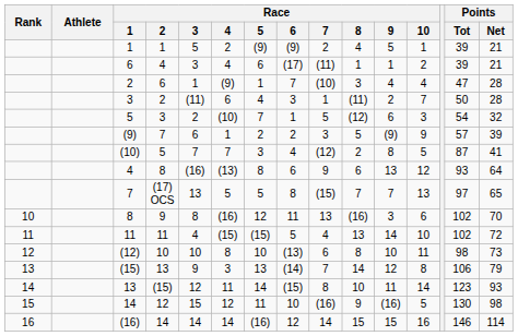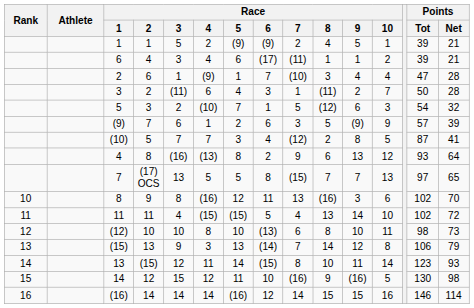 <table class="wikitable" style="text-align:center">
 <tr>
 <th rowspan="2">Rank</th>
 <th rowspan="2">Athlete</th>
 <th colspan="10">Race</th>
 <th width=1% rowspan=45></th>
 <th colspan="2">Points</th>
 </tr>
 <tr>
 <th width=40>1</th>
 <th width=40>2</th>
 <th width=40>3</th>
 <th width=40>4</th>
 <th width=40>5</th>
 <th width=40>6</th>
 <th width=40>7</th>
 <th width=40>8</th>
 <th width=40>9</th>
 <th width=40>10</th>
 <th>Tot</th>
 <th>Net</th>
 </tr>
 <tr>
 <td></td>
 <td align=left></td>
 <td>1</td>
 <td>1</td>
 <td>5</td>
 <td>2</td>
 <td>(9)</td>
 <td>(9)</td>
 <td>2</td>
 <td>4</td>
 <td>5</td>
 <td>1</td>
 <td>39</td>
 <td>21</td>
 </tr>
 <tr>
 <td></td>
 <td align=left></td>
 <td>6</td>
 <td>4</td>
 <td>3</td>
 <td>4</td>
 <td>6</td>
 <td>(17)<br><small></small></td>
 <td>(11)</td>
 <td>1</td>
 <td>1</td>
 <td>2</td>
 <td>39</td>
 <td>21</td>
 </tr>
 <tr>
 <td></td>
 <td align=left></td>
 <td>2</td>
 <td>6</td>
 <td>1</td>
 <td>(9)</td>
 <td>1</td>
 <td>7</td>
 <td>(10)</td>
 <td>3</td>
 <td>4</td>
 <td>4</td>
 <td>47</td>
 <td>28</td>
 </tr>
 <tr>
 <td></td>
 <td align=left></td>
 <td>3</td>
 <td>2</td>
 <td>(11)</td>
 <td>6</td>
 <td>4</td>
 <td>3</td>
 <td>1</td>
 <td>(11)</td>
 <td>2</td>
 <td>7</td>
 <td>50</td>
 <td>28</td>
 </tr>
 <tr>
 <td></td>
 <td align=left></td>
 <td>5</td>
 <td>3</td>
 <td>2</td>
 <td>(10)</td>
 <td>7</td>
 <td>1</td>
 <td>5</td>
 <td>(12)</td>
 <td>6</td>
 <td>3</td>
 <td>54</td>
 <td>32</td>
 </tr>
 <tr>
 <td></td>
 <td align=left></td>
 <td>(9)</td>
 <td>7</td>
 <td>6</td>
 <td>1</td>
 <td>2</td>
-<td>2</td>
+<td>6</td>
 <td>3</td>
 <td>5</td>
 <td>(9)</td>
 <td>9</td>
 <td>57</td>
 <td>39</td>
 </tr>
 <tr>
 <td></td>
 <td align=left></td>
 <td>(10)</td>
 <td>5</td>
 <td>7</td>
 <td>7</td>
 <td>3</td>
 <td>4</td>
 <td>(12)</td>
 <td>2</td>
 <td>8</td>
 <td>5</td>
 <td>87</td>
 <td>41</td>
 </tr>
 <tr>
 <td></td>
 <td align=left></td>
 <td>4</td>
 <td>8</td>
 <td>(16)</td>
 <td>(13)</td>
 <td>8</td>
-<td>6</td>
+<td>2</td>
 <td>9</td>
 <td>6</td>
 <td>13</td>
 <td>12</td>
 <td>93</td>
 <td>64</td>
 </tr>
 <tr>
 <td></td>
 <td align=left></td>
 <td>7</td>
 <td>(17)<br>OCS</td>
 <td>13</td>
 <td>5</td>
 <td>5</td>
 <td>8</td>
 <td>(15)</td>
 <td>7</td>
 <td>7</td>
 <td>13</td>
 <td>97</td>
 <td>65</td>
 </tr>
 <tr>
 <td>10</td>
 <td align=left></td>
 <td>8</td>
 <td>9</td>
 <td>8</td>
 <td>(16)</td>
 <td>12</td>
 <td>11</td>
 <td>13</td>
 <td>(16)</td>
 <td>3</td>
 <td>6</td>
 <td>102</td>
 <td>70</td>
 </tr>
 <tr>
 <td>11</td>
 <td align=left></td>
 <td>11</td>
 <td>11</td>
 <td>4</td>
 <td>(15)</td>
 <td>(15)</td>
 <td>5</td>
 <td>4</td>
 <td>13</td>
 <td>14</td>
 <td>10</td>
 <td>102</td>
 <td>72</td>
 </tr>
 <tr>
 <td>12</td>
 <td align=left></td>
 <td>(12)</td>
 <td>10</td>
 <td>10</td>
 <td>8</td>
 <td>10</td>
 <td>(13)</td>
 <td>6</td>
 <td>8</td>
 <td>10</td>
 <td>11</td>
 <td>98</td>
 <td>73</td>
 </tr>
 <tr>
 <td>13</td>
 <td align=left></td>
 <td>(15)</td>
 <td>13</td>
 <td>9</td>
 <td>3</td>
 <td>13</td>
 <td>(14)</td>
 <td>7</td>
 <td>14</td>
 <td>12</td>
 <td>8</td>
 <td>106</td>
 <td>79</td>
 </tr>
 <tr>
 <td>14</td>
 <td align=left></td>
 <td>13</td>
 <td>(15)</td>
 <td>12</td>
 <td>11</td>
 <td>14</td>
 <td>(15)</td>
 <td>8</td>
 <td>10</td>
 <td>11</td>
 <td>14</td>
 <td>123</td>
 <td>93</td>
 </tr>
 <tr>
 <td>15</td>
 <td align=left></td>
 <td>14</td>
 <td>12</td>
 <td>15</td>
 <td>12</td>
 <td>11</td>
 <td>10</td>
 <td>(16)</td>
 <td>9</td>
 <td>(16)</td>
 <td>5</td>
 <td>130</td>
 <td>98</td>
 </tr>
 <tr>
 <td>16</td>
 <td align=left></td>
 <td>(16)</td>
 <td>14</td>
 <td>14</td>
 <td>14</td>
 <td>(16)</td>
 <td>12</td>
 <td>14</td>
 <td>15</td>
 <td>15</td>
 <td>16</td>
 <td>146</td>
 <td>114</td>
 </tr>
 </table>
